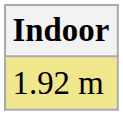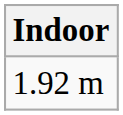 <table class="wikitable" border="1" align="upright">
 <tr>
 <th>Indoor</th>
 </tr>
 <tr>
-<td style="background: khaki;">1.92 m</td>
+<td>1.92 m</td>
 </tr>
 </table>
